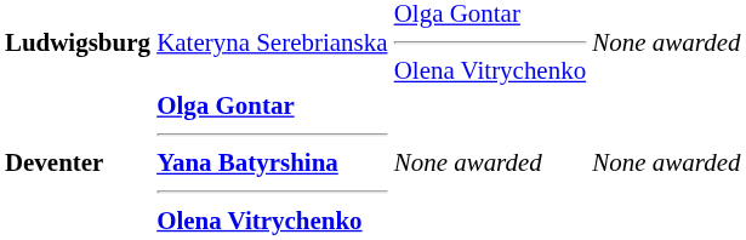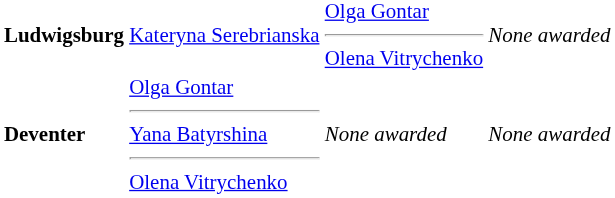 <table>
 <tr>
 <th scope=row style="text-align:left">Ludwigsburg</th>
 <td style="height:30px;"> <a href='#'>Kateryna Serebrianska</a></td>
 <td style="height:30px;"> <a href='#'>Olga Gontar</a><hr> <a href='#'>Olena Vitrychenko</a></td>
 <td style="height:30px;"><em>None awarded</em></td>
 </tr>
 <tr>
 <th scope=row style="text-align:left">Deventer</th>
-<td style="height:30px;"><strong> <a href='#'>Olga Gontar</a><hr> <a href='#'>Yana Batyrshina</a><hr> <a href='#'>Olena Vitrychenko</a></strong></td>
+<td style="height:30px;"> <a href='#'>Olga Gontar</a><hr> <a href='#'>Yana Batyrshina</a><hr> <a href='#'>Olena Vitrychenko</a></td>
 <td style="height:30px;"><em>None awarded</em></td>
 <td style="height:30px;"><em>None awarded</em></td>
 </tr>
 <tr>
 </tr>
 </table>
